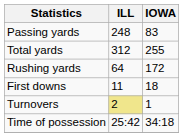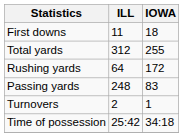 <table class="wikitable">
 <tr>
 <th>Statistics</th>
 <th>ILL</th>
 <th>IOWA</th>
 </tr>
 <tr>
-<td>Passing yards</td>
-<td>248</td>
-<td>83</td>
+<td>First downs</td>
+<td>11</td>
+<td>18</td>
 </tr>
 <tr>
 <td>Total yards</td>
 <td>312</td>
 <td>255</td>
 </tr>
 <tr>
 <td>Rushing yards</td>
 <td>64</td>
 <td>172</td>
 </tr>
 <tr>
-<td>First downs</td>
-<td>11</td>
-<td>18</td>
+<td>Passing yards</td>
+<td>248</td>
+<td>83</td>
 </tr>
 <tr>
 <td>Turnovers</td>
-<td style="background: khaki;">2</td>
+<td>2</td>
 <td>1</td>
 </tr>
 <tr>
 <td>Time of possession</td>
 <td>25:42</td>
 <td>34:18</td>
 </tr>
 <tr>
 </tr>
 </table>
